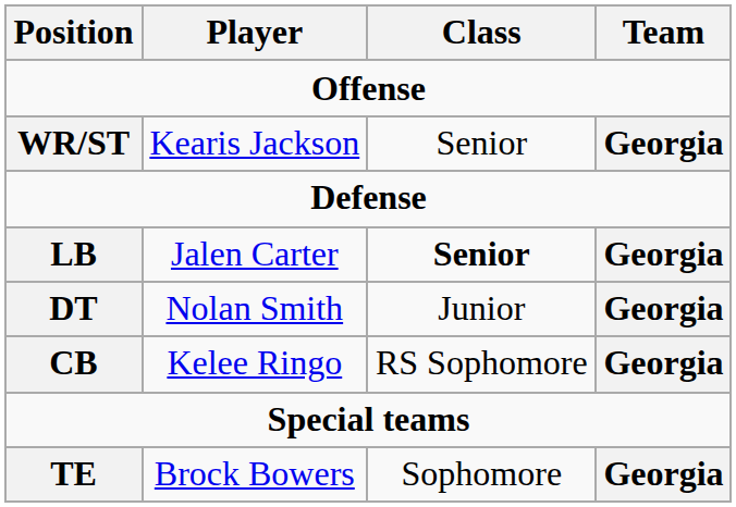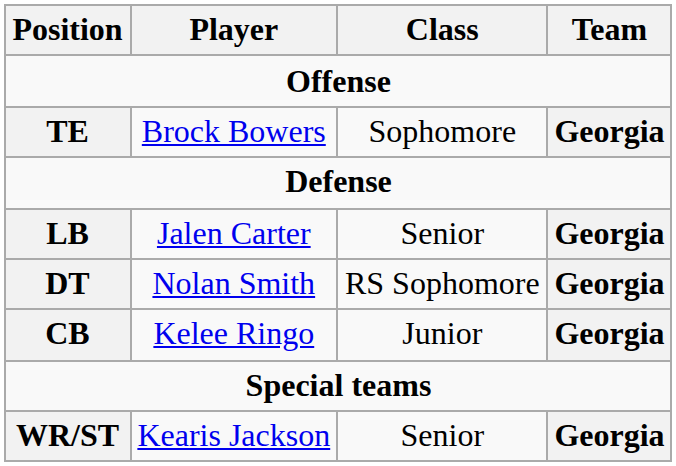 <table class="wikitable">
 <tr>
 <th>Position</th>
 <th>Player</th>
 <th>Class</th>
 <th>Team</th>
 </tr>
 <tr>
 <td colspan="4" style="text-align:center; "><strong>Offense</strong></td>
 </tr>
 <tr style="text-align:center;">
-<th rowspan="1">WR/ST</th>
-<td><a href='#'>Kearis Jackson</a></td>
-<td>Senior</td>
+<th rowspan="1">TE</th>
+<td><a href='#'>Brock Bowers</a></td>
+<td>Sophomore</td>
 <th style=>Georgia</th>
 </tr>
 <tr>
 <td colspan="4" style="text-align:center; "><strong>Defense</strong></td>
 </tr>
 <tr style="text-align:center;">
 <th rowspan="1">LB</th>
 <td><a href='#'>Jalen Carter</a></td>
-<td><strong>Senior</strong></td>
+<td>Senior</td>
 <th style=>Georgia</th>
 </tr>
 <tr style="text-align:center;">
 <th rowspan="1">DT</th>
 <td><a href='#'>Nolan Smith</a></td>
-<td>Junior</td>
+<td>RS Sophomore</td>
 <th style=>Georgia</th>
 </tr>
 <tr style="text-align:center;">
 <th rowspan="1">CB</th>
 <td><a href='#'>Kelee Ringo</a></td>
-<td>RS Sophomore</td>
+<td>Junior</td>
 <th style=>Georgia</th>
 </tr>
 <tr>
 <td colspan="4" style="text-align:center; "><strong>Special teams</strong></td>
 </tr>
 <tr style="text-align:center;">
-<th rowspan="1">TE</th>
-<td><a href='#'>Brock Bowers</a></td>
-<td>Sophomore</td>
+<th rowspan="1">WR/ST</th>
+<td><a href='#'>Kearis Jackson</a></td>
+<td>Senior</td>
 <th style=>Georgia</th>
 </tr>
 </table>
